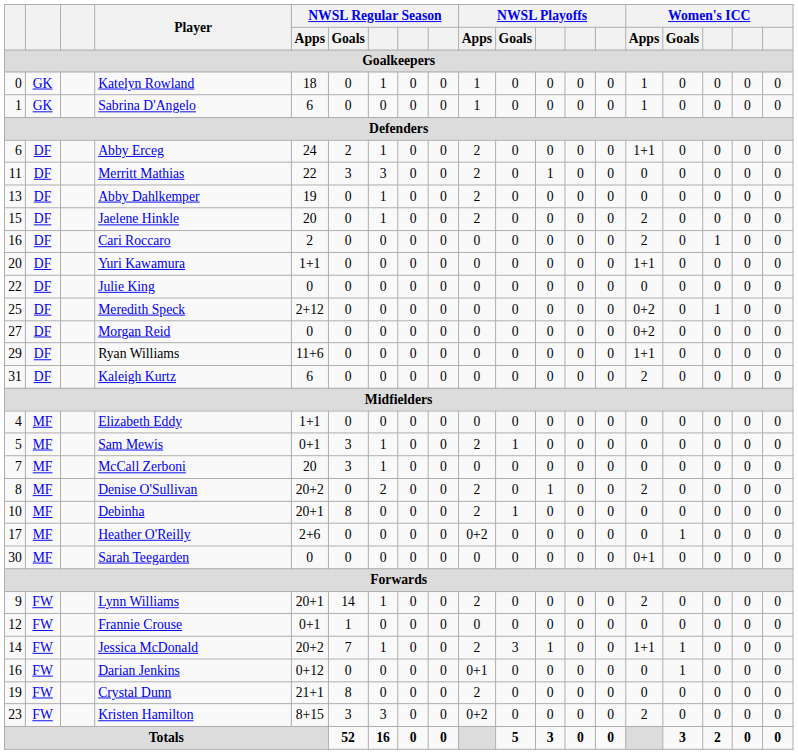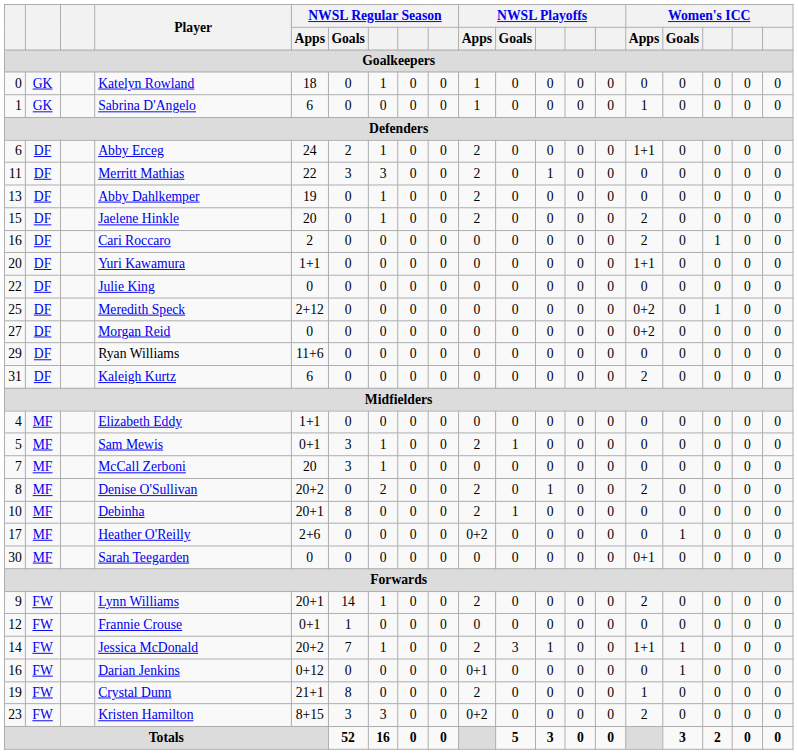 <table class="wikitable" style="text-align: center; font-size:90%">
 <tr>
 <th style="background:#f2f2f2; text-align:center;" width="15px" rowspan="2"></th>
 <th style="background:#f2f2f2; text-align:center;" width="30px" rowspan="2"></th>
 <th style="background:#f2f2f2; text-align:center;" width="30px" rowspan="2"></th>
 <th style="background:#f2f2f2; text-align:center;" width="200px" rowspan="2">Player</th>
 <th style="background:#f2f2f2; text-align:center;" width="120px" colspan="5"><a href='#'>NWSL Regular Season</a></th>
 <th style="background:#f2f2f2; text-align:center;" width="120px" colspan="5"><a href='#'>NWSL Playoffs</a></th>
 <th style="background:#f2f2f2; text-align:center;" width="120px" colspan="5"><a href='#'>Women's ICC</a></th>
 </tr>
 <tr>
 <th style="background:#f2f2f2; text-align:center;" width="25px">Apps</th>
 <th style="background:#f2f2f2; text-align:center;" width="25px">Goals</th>
 <th style="background:#f2f2f2; text-align:center;" width="25px"></th>
 <th style="background:#f2f2f2; text-align:center;" width="25px"></th>
 <th style="background:#f2f2f2; text-align:center;" width="25px"></th>
 <th style="background:#f2f2f2; text-align:center;" width="25px">Apps</th>
 <th style="background:#f2f2f2; text-align:center;" width="25px">Goals</th>
 <th style="background:#f2f2f2; text-align:center;" width="25px"></th>
 <th style="background:#f2f2f2; text-align:center;" width="25px"></th>
 <th style="background:#f2f2f2; text-align:center;" width="25px"></th>
 <th style="background:#f2f2f2; text-align:center;" width="25px">Apps</th>
 <th style="background:#f2f2f2; text-align:center;" width="25px">Goals</th>
 <th style="background:#f2f2f2; text-align:center;" width="25px"></th>
 <th style="background:#f2f2f2; text-align:center;" width="25px"></th>
 <th style="background:#f2f2f2; text-align:center;" width="25px"></th>
 </tr>
 <tr>
 <th colspan=19 style="background:#dcdcdc; text-align:center;">Goalkeepers</th>
 </tr>
 <tr>
 <td align=right>0</td>
 <td><a href='#'>GK</a></td>
 <td></td>
 <td align=left><a href='#'>Katelyn Rowland</a></td>
 <td>18</td>
 <td>0</td>
 <td>1</td>
 <td>0</td>
 <td>0</td>
 <td>1</td>
 <td>0</td>
 <td>0</td>
 <td>0</td>
 <td>0</td>
-<td>1</td>
+<td>0</td>
 <td>0</td>
 <td>0</td>
 <td>0</td>
 <td>0</td>
 </tr>
 <tr>
 <td align=right>1</td>
 <td><a href='#'>GK</a></td>
 <td></td>
 <td align=left><a href='#'>Sabrina D'Angelo</a></td>
 <td>6</td>
 <td>0</td>
 <td>0</td>
 <td>0</td>
 <td>0</td>
 <td>1</td>
 <td>0</td>
 <td>0</td>
 <td>0</td>
 <td>0</td>
 <td>1</td>
 <td>0</td>
 <td>0</td>
 <td>0</td>
 <td>0</td>
 </tr>
 <tr>
 <th colspan=19 style="background:#dcdcdc; text-align:center;">Defenders</th>
 </tr>
 <tr>
 <td align=right>6</td>
 <td><a href='#'>DF</a></td>
 <td></td>
 <td align=left><a href='#'>Abby Erceg</a></td>
 <td>24</td>
 <td>2</td>
 <td>1</td>
 <td>0</td>
 <td>0</td>
 <td>2</td>
 <td>0</td>
 <td>0</td>
 <td>0</td>
 <td>0</td>
 <td>1+1</td>
 <td>0</td>
 <td>0</td>
 <td>0</td>
 <td>0</td>
 </tr>
 <tr>
 <td align=right>11</td>
 <td><a href='#'>DF</a></td>
 <td></td>
 <td align=left><a href='#'>Merritt Mathias</a></td>
 <td>22</td>
 <td>3</td>
 <td>3</td>
 <td>0</td>
 <td>0</td>
 <td>2</td>
 <td>0</td>
 <td>1</td>
 <td>0</td>
 <td>0</td>
 <td>0</td>
 <td>0</td>
 <td>0</td>
 <td>0</td>
 <td>0</td>
 </tr>
 <tr>
 <td align=right>13</td>
 <td><a href='#'>DF</a></td>
 <td></td>
 <td align=left><a href='#'>Abby Dahlkemper</a></td>
 <td>19</td>
 <td>0</td>
 <td>1</td>
 <td>0</td>
 <td>0</td>
 <td>2</td>
 <td>0</td>
 <td>0</td>
 <td>0</td>
 <td>0</td>
 <td>0</td>
 <td>0</td>
 <td>0</td>
 <td>0</td>
 <td>0</td>
 </tr>
 <tr>
 <td align=right>15</td>
 <td><a href='#'>DF</a></td>
 <td></td>
 <td align=left><a href='#'>Jaelene Hinkle</a></td>
 <td>20</td>
 <td>0</td>
 <td>1</td>
 <td>0</td>
 <td>0</td>
 <td>2</td>
 <td>0</td>
 <td>0</td>
 <td>0</td>
 <td>0</td>
 <td>2</td>
 <td>0</td>
 <td>0</td>
 <td>0</td>
 <td>0</td>
 </tr>
 <tr>
 <td align=right>16</td>
 <td><a href='#'>DF</a></td>
 <td></td>
 <td align=left><a href='#'>Cari Roccaro</a></td>
 <td>2</td>
 <td>0</td>
 <td>0</td>
 <td>0</td>
 <td>0</td>
 <td>0</td>
 <td>0</td>
 <td>0</td>
 <td>0</td>
 <td>0</td>
 <td>2</td>
 <td>0</td>
 <td>1</td>
 <td>0</td>
 <td>0</td>
 </tr>
 <tr>
 <td align="right">20</td>
 <td><a href='#'>DF</a></td>
 <td></td>
 <td align="left"><a href='#'>Yuri Kawamura</a></td>
 <td>1+1</td>
 <td>0</td>
 <td>0</td>
 <td>0</td>
 <td>0</td>
 <td>0</td>
 <td>0</td>
 <td>0</td>
 <td>0</td>
 <td>0</td>
 <td>1+1</td>
 <td>0</td>
 <td>0</td>
 <td>0</td>
 <td>0</td>
 </tr>
 <tr>
 <td align=right>22</td>
 <td><a href='#'>DF</a></td>
 <td></td>
 <td align=left><a href='#'>Julie King</a></td>
 <td>0</td>
 <td>0</td>
 <td>0</td>
 <td>0</td>
 <td>0</td>
 <td>0</td>
 <td>0</td>
 <td>0</td>
 <td>0</td>
 <td>0</td>
 <td>0</td>
 <td>0</td>
 <td>0</td>
 <td>0</td>
 <td>0</td>
 </tr>
 <tr>
 <td align=right>25</td>
 <td><a href='#'>DF</a></td>
 <td></td>
 <td align=left><a href='#'>Meredith Speck</a></td>
 <td>2+12</td>
 <td>0</td>
 <td>0</td>
 <td>0</td>
 <td>0</td>
 <td>0</td>
 <td>0</td>
 <td>0</td>
 <td>0</td>
 <td>0</td>
 <td>0+2</td>
 <td>0</td>
 <td>1</td>
 <td>0</td>
 <td>0</td>
 </tr>
 <tr>
 <td align=right>27</td>
 <td><a href='#'>DF</a></td>
 <td></td>
 <td align=left><a href='#'>Morgan Reid</a></td>
 <td>0</td>
 <td>0</td>
 <td>0</td>
 <td>0</td>
 <td>0</td>
 <td>0</td>
 <td>0</td>
 <td>0</td>
 <td>0</td>
 <td>0</td>
 <td>0+2</td>
 <td>0</td>
 <td>0</td>
 <td>0</td>
 <td>0</td>
 </tr>
 <tr>
 <td align=right>29</td>
 <td><a href='#'>DF</a></td>
 <td></td>
 <td align=left>Ryan Williams</td>
 <td>11+6</td>
 <td>0</td>
 <td>0</td>
 <td>0</td>
 <td>0</td>
 <td>0</td>
 <td>0</td>
 <td>0</td>
 <td>0</td>
 <td>0</td>
-<td>1+1</td>
+<td>0</td>
 <td>0</td>
 <td>0</td>
 <td>0</td>
 <td>0</td>
 </tr>
 <tr>
 <td align="right">31</td>
 <td><a href='#'>DF</a></td>
 <td></td>
 <td align="left"><a href='#'>Kaleigh Kurtz</a></td>
 <td>6</td>
 <td>0</td>
 <td>0</td>
 <td>0</td>
 <td>0</td>
 <td>0</td>
 <td>0</td>
 <td>0</td>
 <td>0</td>
 <td>0</td>
 <td>2</td>
 <td>0</td>
 <td>0</td>
 <td>0</td>
 <td>0</td>
 </tr>
 <tr>
 <th colspan=19 style="background:#dcdcdc; text-align:center;">Midfielders</th>
 </tr>
 <tr>
 <td align=right>4</td>
 <td><a href='#'>MF</a></td>
 <td></td>
 <td align=left><a href='#'>Elizabeth Eddy</a></td>
 <td>1+1</td>
 <td>0</td>
 <td>0</td>
 <td>0</td>
 <td>0</td>
 <td>0</td>
 <td>0</td>
 <td>0</td>
 <td>0</td>
 <td>0</td>
 <td>0</td>
 <td>0</td>
 <td>0</td>
 <td>0</td>
 <td>0</td>
 </tr>
 <tr>
 <td align=right>5</td>
 <td><a href='#'>MF</a></td>
 <td></td>
 <td align=left><a href='#'>Sam Mewis</a></td>
 <td>0+1</td>
 <td>3</td>
 <td>1</td>
 <td>0</td>
 <td>0</td>
 <td>2</td>
 <td>1</td>
 <td>0</td>
 <td>0</td>
 <td>0</td>
 <td>0</td>
 <td>0</td>
 <td>0</td>
 <td>0</td>
 <td>0</td>
 </tr>
 <tr>
 <td align=right>7</td>
 <td><a href='#'>MF</a></td>
 <td></td>
 <td align=left><a href='#'>McCall Zerboni</a></td>
 <td>20</td>
 <td>3</td>
 <td>1</td>
 <td>0</td>
 <td>0</td>
 <td>0</td>
 <td>0</td>
 <td>0</td>
 <td>0</td>
 <td>0</td>
 <td>0</td>
 <td>0</td>
 <td>0</td>
 <td>0</td>
 <td>0</td>
 </tr>
 <tr>
 <td align=right>8</td>
 <td><a href='#'>MF</a></td>
 <td></td>
 <td align=left><a href='#'>Denise O'Sullivan</a></td>
 <td>20+2</td>
 <td>0</td>
 <td>2</td>
 <td>0</td>
 <td>0</td>
 <td>2</td>
 <td>0</td>
 <td>1</td>
 <td>0</td>
 <td>0</td>
 <td>2</td>
 <td>0</td>
 <td>0</td>
 <td>0</td>
 <td>0</td>
 </tr>
 <tr>
 <td align=right>10</td>
 <td><a href='#'>MF</a></td>
 <td></td>
 <td align=left><a href='#'>Debinha</a></td>
 <td>20+1</td>
 <td>8</td>
 <td>0</td>
 <td>0</td>
 <td>0</td>
 <td>2</td>
 <td>1</td>
 <td>0</td>
 <td>0</td>
 <td>0</td>
 <td>0</td>
 <td>0</td>
 <td>0</td>
 <td>0</td>
 <td>0</td>
 </tr>
 <tr>
 <td align=right>17</td>
 <td><a href='#'>MF</a></td>
 <td></td>
 <td align=left><a href='#'>Heather O'Reilly</a></td>
 <td>2+6</td>
 <td>0</td>
 <td>0</td>
 <td>0</td>
 <td>0</td>
 <td>0+2</td>
 <td>0</td>
 <td>0</td>
 <td>0</td>
 <td>0</td>
 <td>0</td>
 <td>1</td>
 <td>0</td>
 <td>0</td>
 <td>0</td>
 </tr>
 <tr>
 <td align=right>30</td>
 <td><a href='#'>MF</a></td>
 <td></td>
 <td align=left><a href='#'>Sarah Teegarden</a></td>
 <td>0</td>
 <td>0</td>
 <td>0</td>
 <td>0</td>
 <td>0</td>
 <td>0</td>
 <td>0</td>
 <td>0</td>
 <td>0</td>
 <td>0</td>
 <td>0+1</td>
 <td>0</td>
 <td>0</td>
 <td>0</td>
 <td>0</td>
 </tr>
 <tr>
 <th colspan=19 style="background:#dcdcdc; text-align:center;">Forwards</th>
 </tr>
 <tr>
 <td align=right>9</td>
 <td><a href='#'>FW</a></td>
 <td></td>
 <td align=left><a href='#'>Lynn Williams</a></td>
 <td>20+1</td>
 <td>14</td>
 <td>1</td>
 <td>0</td>
 <td>0</td>
 <td>2</td>
 <td>0</td>
 <td>0</td>
 <td>0</td>
 <td>0</td>
 <td>2</td>
 <td>0</td>
 <td>0</td>
 <td>0</td>
 <td>0</td>
 </tr>
 <tr>
 <td align=right>12</td>
 <td><a href='#'>FW</a></td>
 <td></td>
 <td align=left><a href='#'>Frannie Crouse</a></td>
 <td>0+1</td>
 <td>1</td>
 <td>0</td>
 <td>0</td>
 <td>0</td>
 <td>0</td>
 <td>0</td>
 <td>0</td>
 <td>0</td>
 <td>0</td>
 <td>0</td>
 <td>0</td>
 <td>0</td>
 <td>0</td>
 <td>0</td>
 </tr>
 <tr>
 <td align=right>14</td>
 <td><a href='#'>FW</a></td>
 <td></td>
 <td align=left><a href='#'>Jessica McDonald</a></td>
 <td>20+2</td>
 <td>7</td>
 <td>1</td>
 <td>0</td>
 <td>0</td>
 <td>2</td>
 <td>3</td>
 <td>1</td>
 <td>0</td>
 <td>0</td>
 <td>1+1</td>
 <td>1</td>
 <td>0</td>
 <td>0</td>
 <td>0</td>
 </tr>
 <tr>
 <td align=right>16</td>
 <td><a href='#'>FW</a></td>
 <td></td>
 <td align=left><a href='#'>Darian Jenkins</a></td>
 <td>0+12</td>
 <td>0</td>
 <td>0</td>
 <td>0</td>
 <td>0</td>
 <td>0+1</td>
 <td>0</td>
 <td>0</td>
 <td>0</td>
 <td>0</td>
 <td>0</td>
 <td>1</td>
 <td>0</td>
 <td>0</td>
 <td>0</td>
 </tr>
 <tr>
 <td align=right>19</td>
 <td><a href='#'>FW</a></td>
 <td></td>
 <td align=left><a href='#'>Crystal Dunn</a></td>
 <td>21+1</td>
 <td>8</td>
 <td>0</td>
 <td>0</td>
 <td>0</td>
 <td>2</td>
 <td>0</td>
 <td>0</td>
 <td>0</td>
 <td>0</td>
-<td>0</td>
+<td>1</td>
 <td>0</td>
 <td>0</td>
 <td>0</td>
 <td>0</td>
 </tr>
 <tr>
 <td align=right>23</td>
 <td><a href='#'>FW</a></td>
 <td></td>
 <td align=left><a href='#'>Kristen Hamilton</a></td>
 <td>8+15</td>
 <td>3</td>
 <td>3</td>
 <td>0</td>
 <td>0</td>
 <td>0+2</td>
 <td>0</td>
 <td>0</td>
 <td>0</td>
 <td>0</td>
 <td>2</td>
 <td>0</td>
 <td>0</td>
 <td>0</td>
 <td>0</td>
 </tr>
 <tr>
 <th colspan=5 style="background:#dcdcdc;"><strong>Totals</strong></th>
 <td><strong>52</strong></td>
 <td><strong>16</strong></td>
 <td><strong>0</strong></td>
 <td><strong>0</strong></td>
 <th colspan=1 style="background:#dcdcdc; text-align:center;"></th>
 <td><strong>5</strong></td>
 <td><strong>3</strong></td>
 <td><strong>0</strong></td>
 <td><strong>0</strong></td>
 <th colspan=1 style="background:#dcdcdc; text-align:center;"></th>
 <td><strong>3</strong></td>
 <td><strong>2</strong></td>
 <td><strong>0</strong></td>
 <td><strong>0</strong></td>
 </tr>
 </table>
